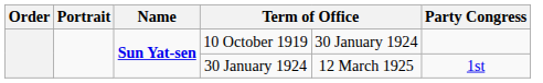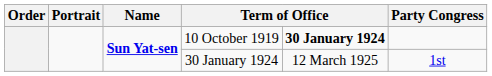 <table class="wikitable" style="text-align:center;">
 <tr>
 <th>Order</th>
 <th>Portrait</th>
 <th>Name</th>
 <th colspan="2">Term of Office</th>
 <th>Party Congress</th>
 </tr>
 <tr>
 <th rowspan="2"></th>
 <td rowspan="2"></td>
 <td rowspan="2"><strong><a href='#'>Sun Yat-sen</a></strong></td>
 <td>10 October 1919</td>
-<td>30 January 1924</td>
+<td><strong>30 January 1924</strong></td>
 <td></td>
 </tr>
 <tr>
 <td>30 January 1924</td>
 <td>12 March 1925<br></td>
 <td><a href='#'>1st</a></td>
 </tr>
 </table>
